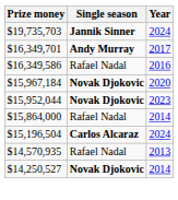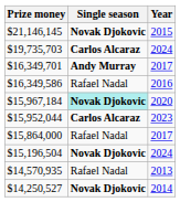 <table class="wikitable" style="display:inline-table">
 <tr>
 <th>Prize money</th>
 <th>Single season</th>
 <th>Year</th>
 </tr>
 <tr>
+<td>$21,146,145</td>
+<td style="white-space: nowrap;"><strong> Novak Djokovic</strong></td>
+<td><a href='#'>2015</a></td>
+</tr>
+<tr>
 <td>$19,735,703</td>
-<td style="white-space: nowrap;"><strong> Jannik Sinner</strong></td>
+<td><strong> Carlos Alcaraz</strong></td>
 <td><a href='#'>2024</a></td>
 </tr>
 <tr>
 <td>$16,349,701</td>
 <td><strong> Andy Murray</strong></td>
 <td><a href='#'>2017</a></td>
 </tr>
 <tr>
 <td>$16,349,586</td>
 <td> Rafael Nadal</td>
 <td><a href='#'>2016</a></td>
 </tr>
 <tr>
 <td>$15,967,184</td>
-<td><strong> Novak Djokovic</strong></td>
+<td style="background: paleturquoise;"><strong> Novak Djokovic</strong></td>
 <td><a href='#'>2020</a></td>
 </tr>
 <tr>
 <td>$15,952,044</td>
-<td><strong> Novak Djokovic</strong></td>
+<td><strong> Carlos Alcaraz</strong></td>
 <td><a href='#'>2023</a></td>
 </tr>
 <tr>
 <td>$15,864,000</td>
 <td> Rafael Nadal</td>
-<td><a href='#'>2014</a></td>
+<td><a href='#'>2017</a></td>
 </tr>
 <tr>
 <td>$15,196,504</td>
-<td><strong> Carlos Alcaraz</strong></td>
+<td><strong> Novak Djokovic</strong></td>
 <td><a href='#'>2024</a></td>
 </tr>
 <tr>
 <td>$14,570,935</td>
 <td> Rafael Nadal</td>
 <td><a href='#'>2013</a></td>
 </tr>
 <tr>
 <td>$14,250,527</td>
 <td><strong> Novak Djokovic</strong></td>
 <td><a href='#'>2014</a></td>
 </tr>
 </table>
